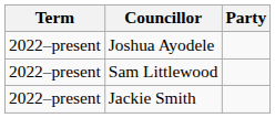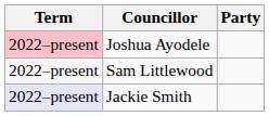 <table class="wikitable">
 <tr>
 <th>Term</th>
 <th>Councillor</th>
 <th colspan=2>Party</th>
 </tr>
 <tr>
-<td>2022–present</td>
+<td style="background: pink;">2022–present</td>
 <td>Joshua Ayodele</td>
 <td></td>
 </tr>
 <tr>
 <td>2022–present</td>
 <td>Sam Littlewood</td>
 <td></td>
 </tr>
 <tr>
-<td>2022–present</td>
+<td style="background: lavender;">2022–present</td>
 <td>Jackie Smith</td>
 <td></td>
 </tr>
 </table>
